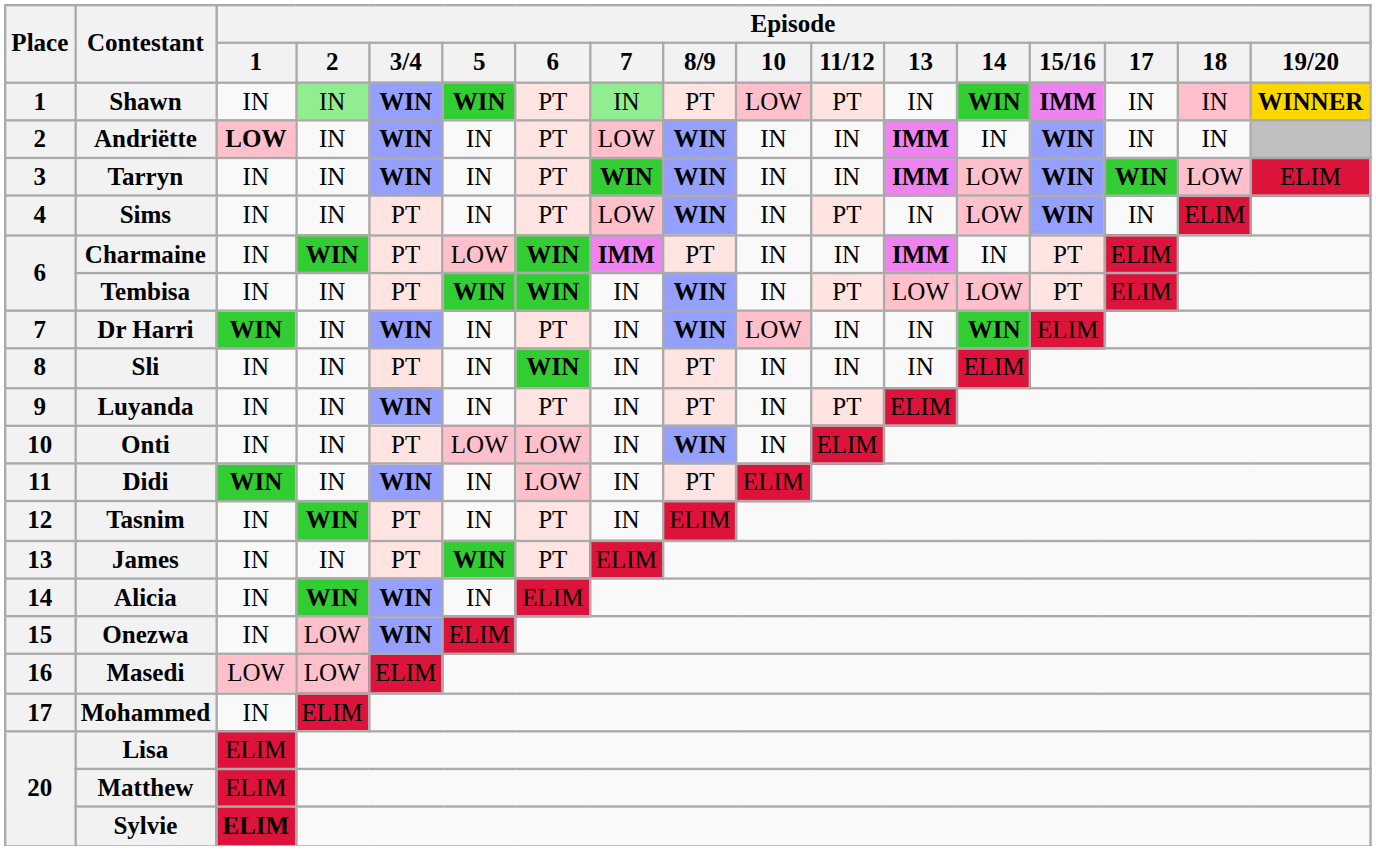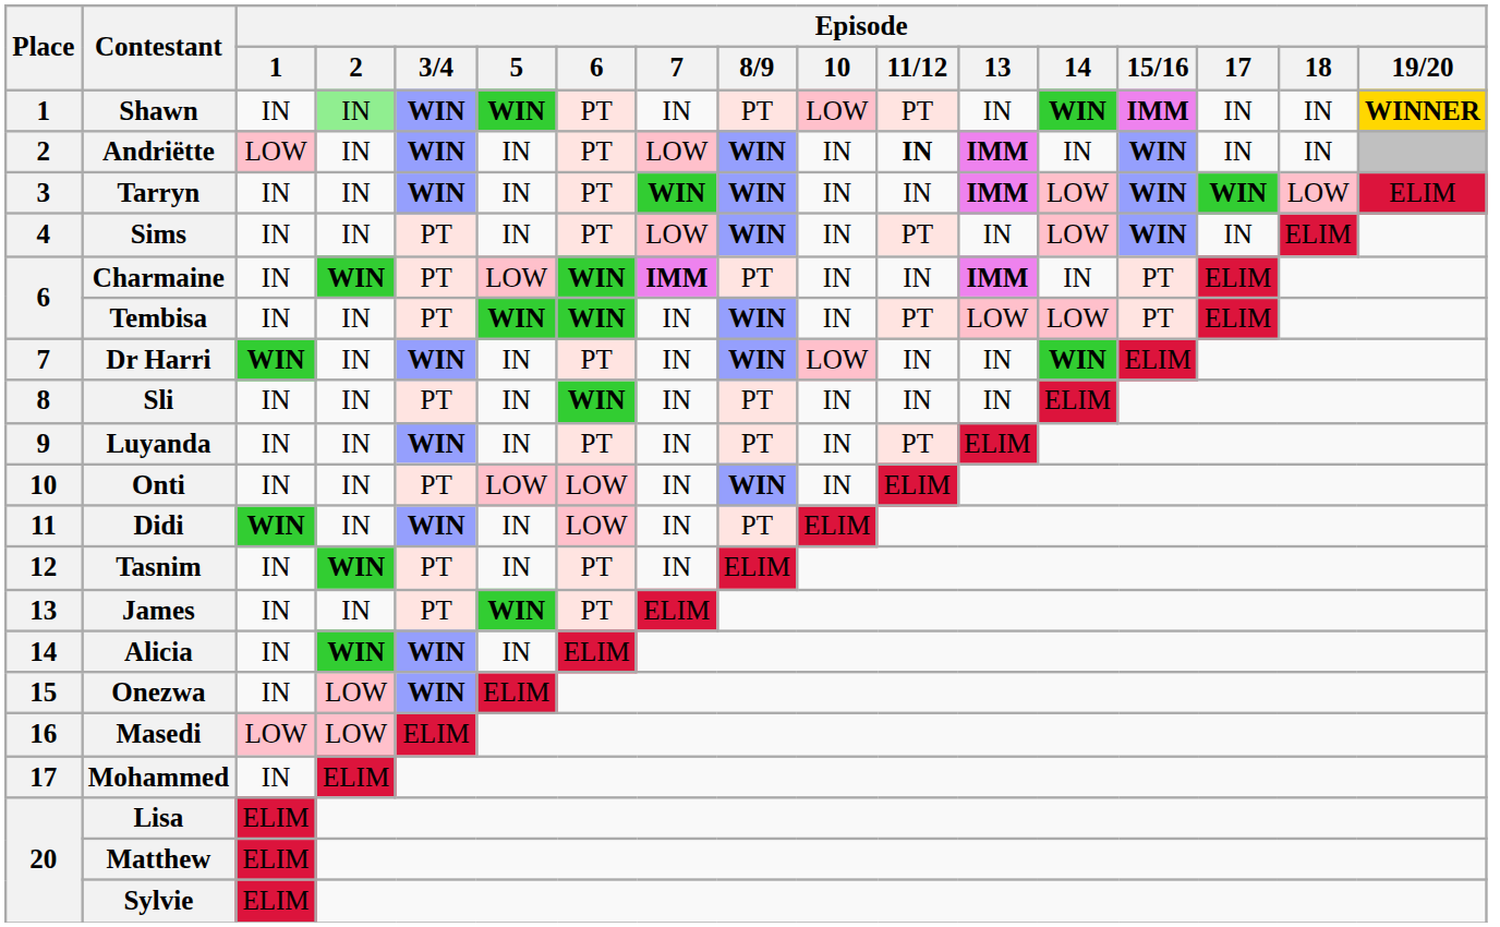 <table class="wikitable" style="text-align: center; font-size: 8pt">
 <tr>
 <th rowspan="2">Place</th>
 <th rowspan="2">Contestant</th>
 <th colspan="15">Episode</th>
 </tr>
 <tr>
 <th>1</th>
 <th>2</th>
 <th>3/4</th>
 <th>5</th>
 <th>6</th>
 <th>7</th>
 <th>8/9</th>
 <th>10</th>
 <th>11/12</th>
 <th>13</th>
 <th>14</th>
 <th>15/16</th>
 <th>17</th>
 <th>18</th>
 <th>19/20</th>
 </tr>
 <tr>
 <th>1</th>
 <th>Shawn</th>
 <td>IN</td>
 <td style="background: lightgreen;">IN</td>
 <td bgcolor="#959FFD"><strong>WIN</strong></td>
 <td bgcolor="limegreen"><strong>WIN</strong></td>
 <td bgcolor="mistyrose">PT</td>
-<td style="background: lightgreen;">IN</td>
+<td>IN</td>
 <td bgcolor="mistyrose">PT</td>
 <td bgcolor="pink">LOW</td>
 <td bgcolor="mistyrose">PT</td>
 <td>IN</td>
 <td bgcolor="limegreen"><strong>WIN</strong></td>
 <td bgcolor="violet"><strong>IMM</strong></td>
 <td>IN</td>
-<td style="background: pink;">IN</td>
+<td>IN</td>
 <td bgcolor="gold"><strong>WINNER</strong></td>
 </tr>
 <tr>
 <th>2</th>
 <th>Andriëtte</th>
-<td bgcolor="pink"><strong>LOW</strong></td>
+<td bgcolor="pink">LOW</td>
 <td>IN</td>
 <td bgcolor="#959FFD"><strong>WIN</strong></td>
 <td>IN</td>
 <td bgcolor="mistyrose">PT</td>
 <td bgcolor="pink">LOW</td>
 <td bgcolor="#959FFD"><strong>WIN</strong></td>
 <td>IN</td>
-<td>IN</td>
+<td><strong>IN</strong></td>
 <td bgcolor="violet"><strong>IMM</strong></td>
 <td>IN</td>
 <td bgcolor="#959FFD"><strong>WIN</strong></td>
 <td>IN</td>
 <td>IN</td>
 <td bgcolor="silver"><strong></strong></td>
 </tr>
 <tr>
 <th>3</th>
 <th>Tarryn</th>
 <td>IN</td>
 <td>IN</td>
 <td bgcolor="#959FFD"><strong>WIN</strong></td>
 <td>IN</td>
 <td bgcolor="mistyrose">PT</td>
 <td bgcolor="limegreen"><strong>WIN</strong></td>
 <td bgcolor="#959FFD"><strong>WIN</strong></td>
 <td>IN</td>
 <td>IN</td>
 <td bgcolor="violet"><strong>IMM</strong></td>
 <td bgcolor="pink">LOW</td>
 <td bgcolor="#959FFD"><strong>WIN</strong></td>
 <td bgcolor="limegreen"><strong>WIN</strong></td>
 <td bgcolor="pink">LOW</td>
 <td bgcolor="crimson">ELIM</td>
 </tr>
 <tr>
 <th>4</th>
 <th>Sims</th>
 <td>IN</td>
 <td>IN</td>
 <td bgcolor="mistyrose">PT</td>
 <td>IN</td>
 <td bgcolor="mistyrose">PT</td>
 <td bgcolor="pink">LOW</td>
 <td bgcolor="#959FFD"><strong>WIN</strong></td>
 <td>IN</td>
 <td bgcolor="mistyrose">PT</td>
 <td>IN</td>
 <td bgcolor="pink">LOW</td>
 <td bgcolor="#959FFD"><strong>WIN</strong></td>
 <td>IN</td>
 <td bgcolor="crimson">ELIM</td>
 <td></td>
 </tr>
 <tr>
 <th rowspan=2>6</th>
 <th>Charmaine</th>
 <td>IN</td>
 <td bgcolor="limegreen"><strong>WIN</strong></td>
 <td bgcolor="mistyrose">PT</td>
 <td bgcolor="pink">LOW</td>
 <td bgcolor="limegreen"><strong>WIN</strong></td>
 <td bgcolor="violet"><strong>IMM</strong></td>
 <td bgcolor="mistyrose">PT</td>
 <td>IN</td>
 <td>IN</td>
 <td bgcolor="violet"><strong>IMM</strong></td>
 <td>IN</td>
 <td bgcolor="mistyrose">PT</td>
 <td bgcolor="crimson">ELIM</td>
 <td colspan="2"></td>
 </tr>
 <tr>
 <th>Tembisa</th>
 <td>IN</td>
 <td>IN</td>
 <td bgcolor="mistyrose">PT</td>
 <td bgcolor="limegreen"><strong>WIN</strong></td>
 <td bgcolor="limegreen"><strong>WIN</strong></td>
 <td>IN</td>
 <td bgcolor="#959FFD"><strong>WIN</strong></td>
 <td>IN</td>
 <td bgcolor="mistyrose">PT</td>
 <td bgcolor="pink">LOW</td>
 <td bgcolor="pink">LOW</td>
 <td bgcolor="mistyrose">PT</td>
 <td bgcolor="crimson">ELIM</td>
 <td colspan="2"></td>
 </tr>
 <tr>
 <th>7</th>
 <th>Dr Harri</th>
 <td bgcolor="limegreen"><strong>WIN</strong></td>
 <td>IN</td>
 <td bgcolor="#959FFD"><strong>WIN</strong></td>
 <td>IN</td>
 <td bgcolor="mistyrose">PT</td>
 <td>IN</td>
 <td bgcolor="#959FFD"><strong>WIN</strong></td>
 <td bgcolor="pink">LOW</td>
 <td>IN</td>
 <td>IN</td>
 <td bgcolor="limegreen"><strong>WIN</strong></td>
 <td bgcolor="crimson">ELIM</td>
 <td colspan="3"></td>
 </tr>
 <tr>
 <th>8</th>
 <th>Sli</th>
 <td>IN</td>
 <td>IN</td>
 <td bgcolor="mistyrose">PT</td>
 <td>IN</td>
 <td bgcolor="limegreen"><strong>WIN</strong></td>
 <td>IN</td>
 <td bgcolor="mistyrose">PT</td>
 <td>IN</td>
 <td>IN</td>
 <td>IN</td>
 <td bgcolor="crimson">ELIM</td>
 <td colspan="4"></td>
 </tr>
 <tr>
 <th>9</th>
 <th>Luyanda</th>
 <td>IN</td>
 <td>IN</td>
 <td bgcolor="#959FFD"><strong>WIN</strong></td>
 <td>IN</td>
 <td bgcolor="mistyrose">PT</td>
 <td>IN</td>
 <td bgcolor="mistyrose">PT</td>
 <td>IN</td>
 <td bgcolor="mistyrose">PT</td>
 <td bgcolor="crimson">ELIM</td>
 <td colspan="5"></td>
 </tr>
 <tr>
 <th>10</th>
 <th>Onti</th>
 <td>IN</td>
 <td>IN</td>
 <td bgcolor="mistyrose">PT</td>
 <td bgcolor="pink">LOW</td>
 <td bgcolor="pink">LOW</td>
 <td>IN</td>
 <td bgcolor="#959FFD"><strong>WIN</strong></td>
 <td>IN</td>
 <td bgcolor="crimson">ELIM</td>
 <td colspan="6"></td>
 </tr>
 <tr>
 <th>11</th>
 <th>Didi</th>
 <td bgcolor="limegreen"><strong>WIN</strong></td>
 <td>IN</td>
 <td bgcolor="#959FFD"><strong>WIN</strong></td>
 <td>IN</td>
 <td bgcolor="pink">LOW</td>
 <td>IN</td>
 <td bgcolor="mistyrose">PT</td>
 <td bgcolor="crimson">ELIM</td>
 <td colspan="7"></td>
 </tr>
 <tr>
 <th>12</th>
 <th>Tasnim</th>
 <td>IN</td>
 <td bgcolor="limegreen"><strong>WIN</strong></td>
 <td bgcolor="mistyrose">PT</td>
 <td>IN</td>
 <td bgcolor="mistyrose">PT</td>
 <td>IN</td>
 <td bgcolor="crimson">ELIM</td>
 <td colspan="8"></td>
 </tr>
 <tr>
 <th>13</th>
 <th>James</th>
 <td>IN</td>
 <td>IN</td>
 <td bgcolor="mistyrose">PT</td>
 <td bgcolor="limegreen"><strong>WIN</strong></td>
 <td bgcolor="mistyrose">PT</td>
 <td bgcolor="crimson">ELIM</td>
 <td colspan="9"></td>
 </tr>
 <tr>
 <th>14</th>
 <th>Alicia</th>
 <td>IN</td>
 <td bgcolor="limegreen"><strong>WIN</strong></td>
 <td bgcolor="#959FFD"><strong>WIN</strong></td>
 <td>IN</td>
 <td bgcolor="crimson">ELIM</td>
 <td colspan="10"></td>
 </tr>
 <tr>
 <th>15</th>
 <th>Onezwa</th>
 <td>IN</td>
 <td bgcolor="pink">LOW</td>
 <td bgcolor="#959FFD"><strong>WIN</strong></td>
 <td bgcolor="crimson">ELIM</td>
 <td colspan="11"></td>
 </tr>
 <tr>
 <th>16</th>
 <th>Masedi</th>
 <td bgcolor="pink">LOW</td>
 <td bgcolor="pink">LOW</td>
 <td bgcolor="crimson">ELIM</td>
 <td colspan="12"></td>
 </tr>
 <tr>
 <th>17</th>
 <th>Mohammed</th>
 <td>IN</td>
 <td bgcolor="crimson">ELIM</td>
 <td colspan="13"></td>
 </tr>
 <tr>
 <th rowspan="4">20</th>
 <th>Lisa</th>
 <td bgcolor="crimson">ELIM</td>
 <td colspan="14"></td>
 </tr>
 <tr>
 <th>Matthew</th>
 <td bgcolor="crimson">ELIM</td>
 <td colspan="14"></td>
 </tr>
 <tr>
 <th>Sylvie</th>
-<td bgcolor="crimson"><strong>ELIM</strong></td>
+<td bgcolor="crimson">ELIM</td>
 <td colspan="14"></td>
 </tr>
 </table>
